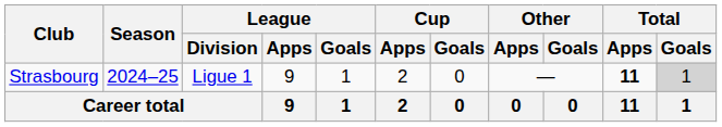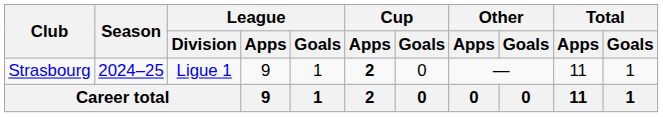 <table class="wikitable" style="text-align:center">
 <tr>
 <th rowspan="2">Club</th>
 <th rowspan="2">Season</th>
 <th colspan="3">League</th>
 <th colspan="2">Cup</th>
 <th colspan="2">Other</th>
 <th colspan="2">Total</th>
 </tr>
 <tr>
 <th>Division</th>
 <th>Apps</th>
 <th>Goals</th>
 <th>Apps</th>
 <th>Goals</th>
 <th>Apps</th>
 <th>Goals</th>
 <th>Apps</th>
 <th>Goals</th>
 </tr>
 <tr>
 <td><a href='#'>Strasbourg</a></td>
 <td><a href='#'>2024–25</a></td>
 <td><a href='#'>Ligue 1</a></td>
 <td>9</td>
 <td>1</td>
-<td>2</td>
+<td><strong>2</strong></td>
 <td>0</td>
 <td colspan="2">—</td>
-<td><strong>11</strong></td>
-<td style="background: lightgrey;">1</td>
+<td>11</td>
+<td>1</td>
 </tr>
 <tr>
 <th colspan="3">Career total</th>
 <th>9</th>
 <th>1</th>
 <th>2</th>
 <th>0</th>
 <th>0</th>
 <th>0</th>
 <th>11</th>
 <th>1</th>
 </tr>
 </table>
